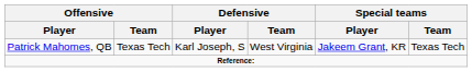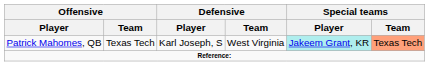 <table class="wikitable">
 <tr>
 <th colspan="2">Offensive</th>
 <th colspan="2">Defensive</th>
 <th colspan="2">Special teams</th>
 </tr>
 <tr>
 <th>Player</th>
 <th>Team</th>
 <th>Player</th>
 <th>Team</th>
 <th>Player</th>
 <th>Team</th>
 </tr>
 <tr>
 <td><a href='#'>Patrick Mahomes</a>, QB</td>
 <td>Texas Tech</td>
 <td>Karl Joseph, S</td>
 <td>West Virginia</td>
-<td><a href='#'>Jakeem Grant</a>, KR</td>
-<td>Texas Tech</td>
+<td style="background: paleturquoise;"><a href='#'>Jakeem Grant</a>, KR</td>
+<td style="background: lightsalmon;">Texas Tech</td>
 </tr>
 <tr>
 <td colspan="12"  style="font-size:8pt; text-align:center;"><strong>Reference:</strong></td>
 </tr>
 </table>
